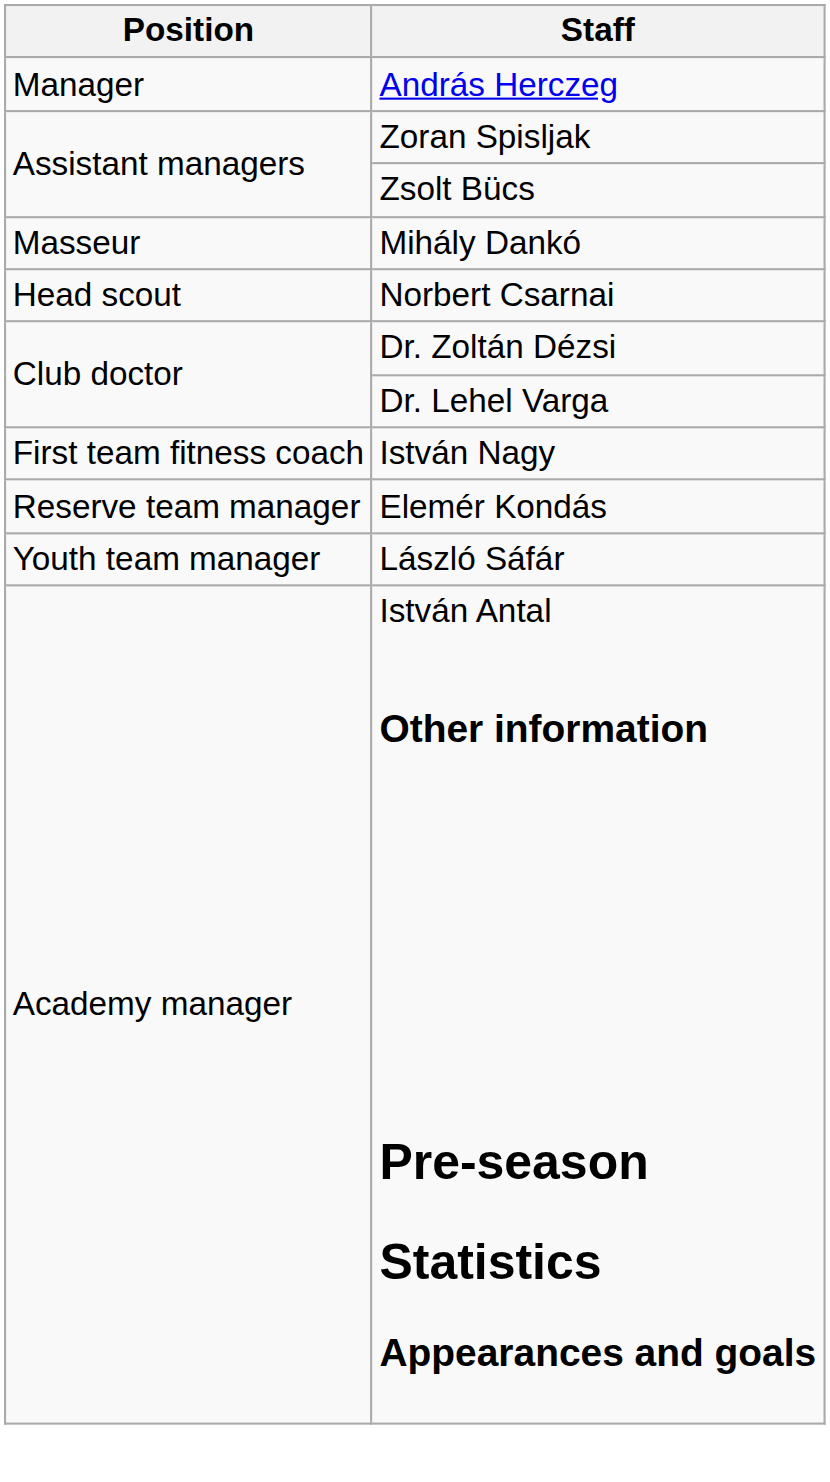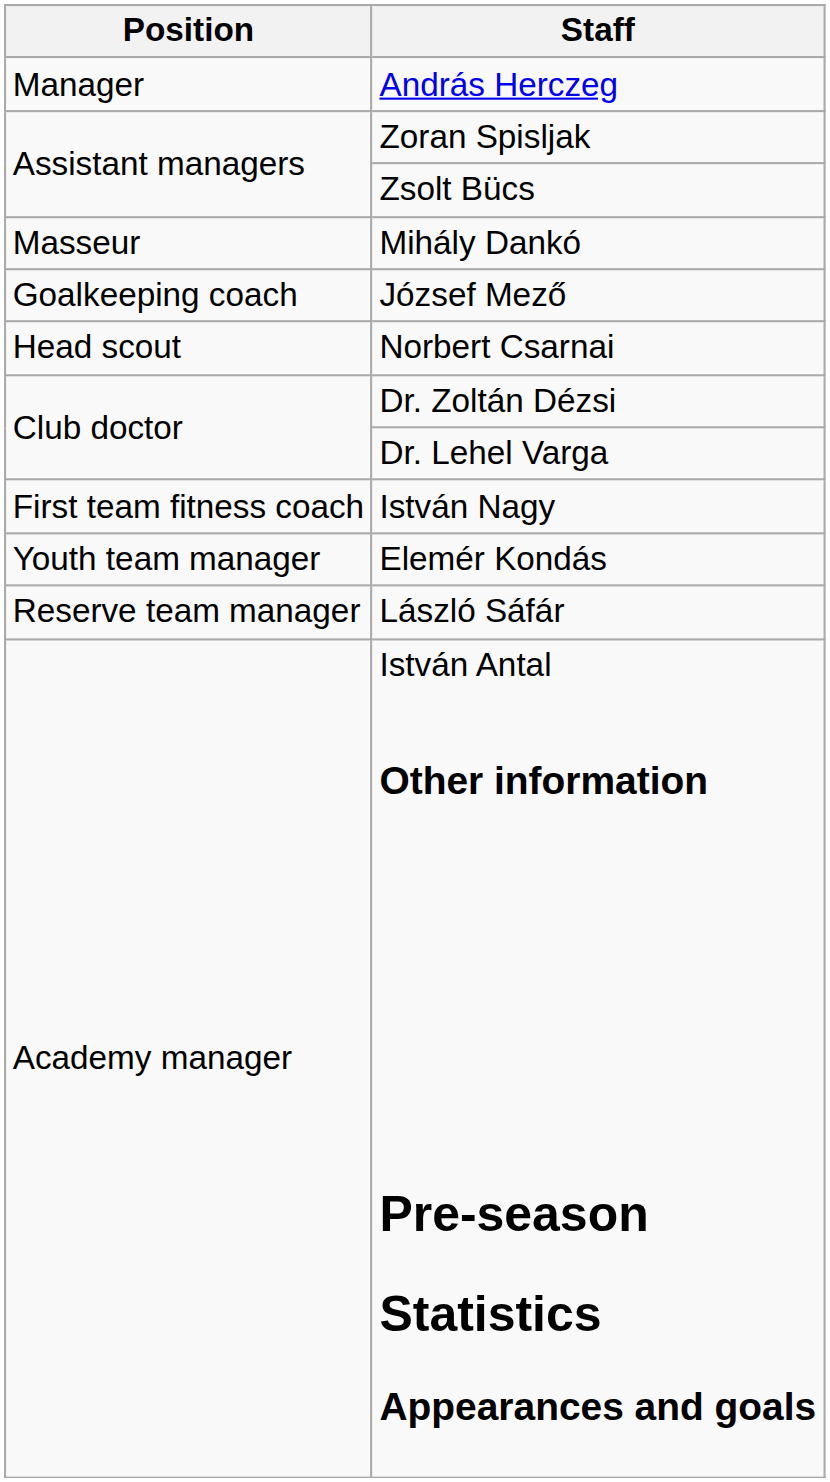 <table class="wikitable">
 <tr>
 <th>Position</th>
 <th>Staff</th>
 </tr>
 <tr>
 <td>Manager</td>
 <td> <a href='#'>András Herczeg</a></td>
 </tr>
 <tr>
 <td rowspan="2">Assistant managers</td>
 <td> Zoran Spisljak</td>
 </tr>
 <tr>
 <td> Zsolt Bücs</td>
 </tr>
 <tr>
 <td>Masseur</td>
 <td> Mihály Dankó</td>
 </tr>
 <tr>
+<td>Goalkeeping coach</td>
+<td> József Mező</td>
+</tr>
+<tr>
 <td>Head scout</td>
 <td> Norbert Csarnai</td>
 </tr>
 <tr>
 <td rowspan="2">Club doctor</td>
 <td> Dr. Zoltán Dézsi</td>
 </tr>
 <tr>
 <td> Dr. Lehel Varga</td>
 </tr>
 <tr>
 <td>First team fitness coach</td>
 <td> István Nagy</td>
 </tr>
 <tr>
-<td>Reserve team manager</td>
+<td>Youth team manager</td>
 <td> Elemér Kondás</td>
 </tr>
 <tr>
-<td>Youth team manager</td>
+<td>Reserve team manager</td>
 <td> László Sáfár</td>
 </tr>
 <tr>
 <td>Academy manager</td>
 <td> István Antal<br><br><h3>Other information</h3><br><br><br><br><br><br><br><br><h2>Pre-season</h2><h2>Statistics</h2><h3>Appearances and goals</h3>                                         </td>
 </tr>
 </table>
